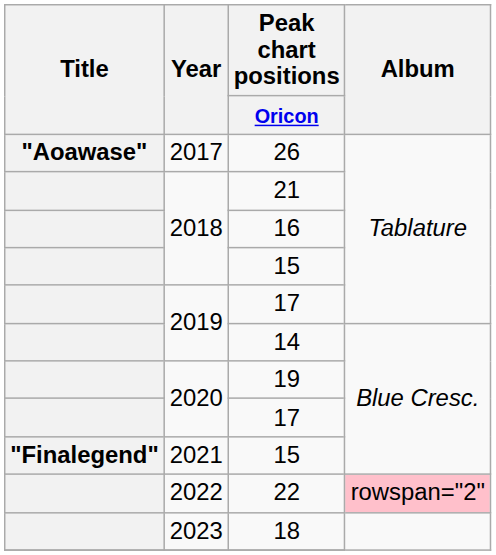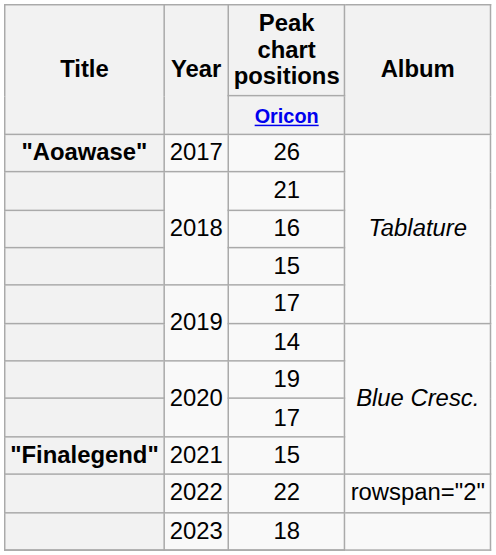 <table class="wikitable plainrowheaders" style="text-align:center;">
 <tr>
 <th scope="col" rowspan="2">Title</th>
 <th scope="col" rowspan="2">Year</th>
 <th scope="col" colspan="1">Peak <br> chart <br> positions</th>
 <th scope="col" rowspan="2">Album</th>
 </tr>
 <tr>
 <th scope="col"><small><a href='#'>Oricon</a></small></th>
 </tr>
 <tr>
 <th scope="row">"Aoawase"</th>
 <td>2017</td>
 <td>26</td>
 <td rowspan="5"><em>Tablature</em></td>
 </tr>
 <tr>
 <th scope="row"></th>
 <td rowspan="3">2018</td>
 <td>21</td>
 </tr>
 <tr>
 <th scope="row"></th>
 <td>16</td>
 </tr>
 <tr>
 <th scope="row"></th>
 <td>15</td>
 </tr>
 <tr>
 <th scope="row"></th>
 <td rowspan="2">2019</td>
 <td>17</td>
 </tr>
 <tr>
 <th scope="row"></th>
 <td>14</td>
 <td rowspan="4"><em>Blue Cresc.</em></td>
 </tr>
 <tr>
 <th scope="row"></th>
 <td rowspan="2">2020</td>
 <td>19</td>
 </tr>
 <tr>
 <th scope="row"></th>
 <td>17</td>
 </tr>
 <tr>
 <th scope="row">"Finalegend"</th>
 <td>2021</td>
 <td>15</td>
 </tr>
 <tr>
 <th scope="row"></th>
 <td>2022</td>
 <td>22</td>
-<td style="background: pink;">rowspan="2" </td>
+<td>rowspan="2" </td>
 </tr>
 <tr>
 <th scope="row"></th>
 <td>2023</td>
 <td>18</td>
 </tr>
 <tr>
 </tr>
 </table>
